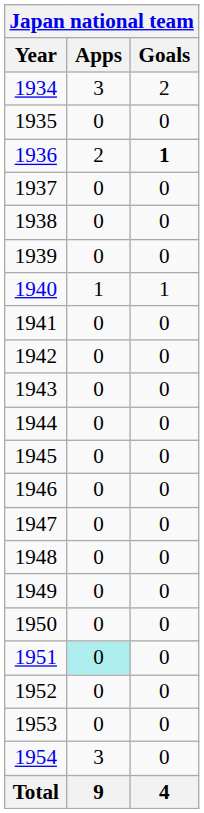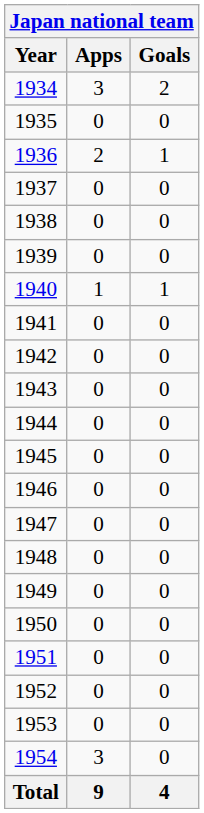 <table class="wikitable" style="text-align:center">
 <tr>
 <th colspan=3><a href='#'>Japan national team</a></th>
 </tr>
 <tr>
 <th>Year</th>
 <th>Apps</th>
 <th>Goals</th>
 </tr>
 <tr>
 <td><a href='#'>1934</a></td>
 <td>3</td>
 <td>2</td>
 </tr>
 <tr>
 <td>1935</td>
 <td>0</td>
 <td>0</td>
 </tr>
 <tr>
 <td><a href='#'>1936</a></td>
 <td>2</td>
-<td><strong>1</strong></td>
+<td>1</td>
 </tr>
 <tr>
 <td>1937</td>
 <td>0</td>
 <td>0</td>
 </tr>
 <tr>
 <td>1938</td>
 <td>0</td>
 <td>0</td>
 </tr>
 <tr>
 <td>1939</td>
 <td>0</td>
 <td>0</td>
 </tr>
 <tr>
 <td><a href='#'>1940</a></td>
 <td>1</td>
 <td>1</td>
 </tr>
 <tr>
 <td>1941</td>
 <td>0</td>
 <td>0</td>
 </tr>
 <tr>
 <td>1942</td>
 <td>0</td>
 <td>0</td>
 </tr>
 <tr>
 <td>1943</td>
 <td>0</td>
 <td>0</td>
 </tr>
 <tr>
 <td>1944</td>
 <td>0</td>
 <td>0</td>
 </tr>
 <tr>
 <td>1945</td>
 <td>0</td>
 <td>0</td>
 </tr>
 <tr>
 <td>1946</td>
 <td>0</td>
 <td>0</td>
 </tr>
 <tr>
 <td>1947</td>
 <td>0</td>
 <td>0</td>
 </tr>
 <tr>
 <td>1948</td>
 <td>0</td>
 <td>0</td>
 </tr>
 <tr>
 <td>1949</td>
 <td>0</td>
 <td>0</td>
 </tr>
 <tr>
 <td>1950</td>
 <td>0</td>
 <td>0</td>
 </tr>
 <tr>
 <td><a href='#'>1951</a></td>
-<td style="background: paleturquoise;">0</td>
+<td>0</td>
 <td>0</td>
 </tr>
 <tr>
 <td>1952</td>
 <td>0</td>
 <td>0</td>
 </tr>
 <tr>
 <td>1953</td>
 <td>0</td>
 <td>0</td>
 </tr>
 <tr>
 <td><a href='#'>1954</a></td>
 <td>3</td>
 <td>0</td>
 </tr>
 <tr>
 <th>Total</th>
 <th>9</th>
 <th>4</th>
 </tr>
 </table>
